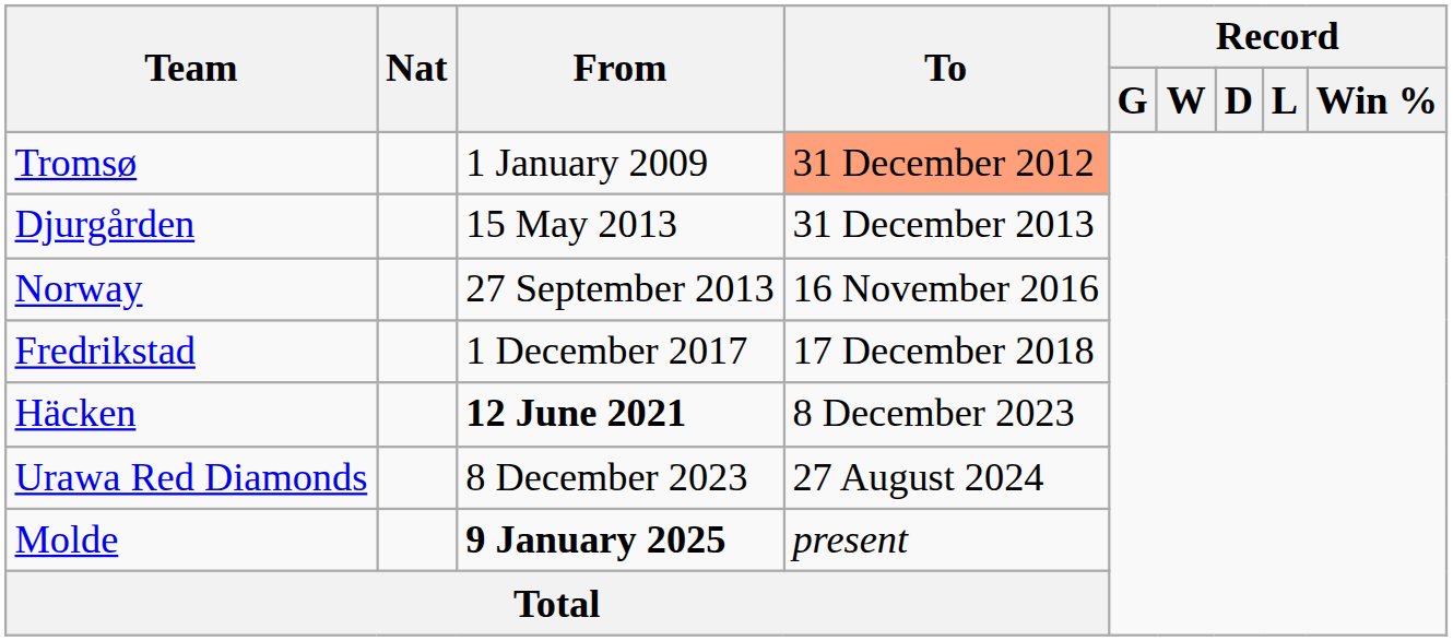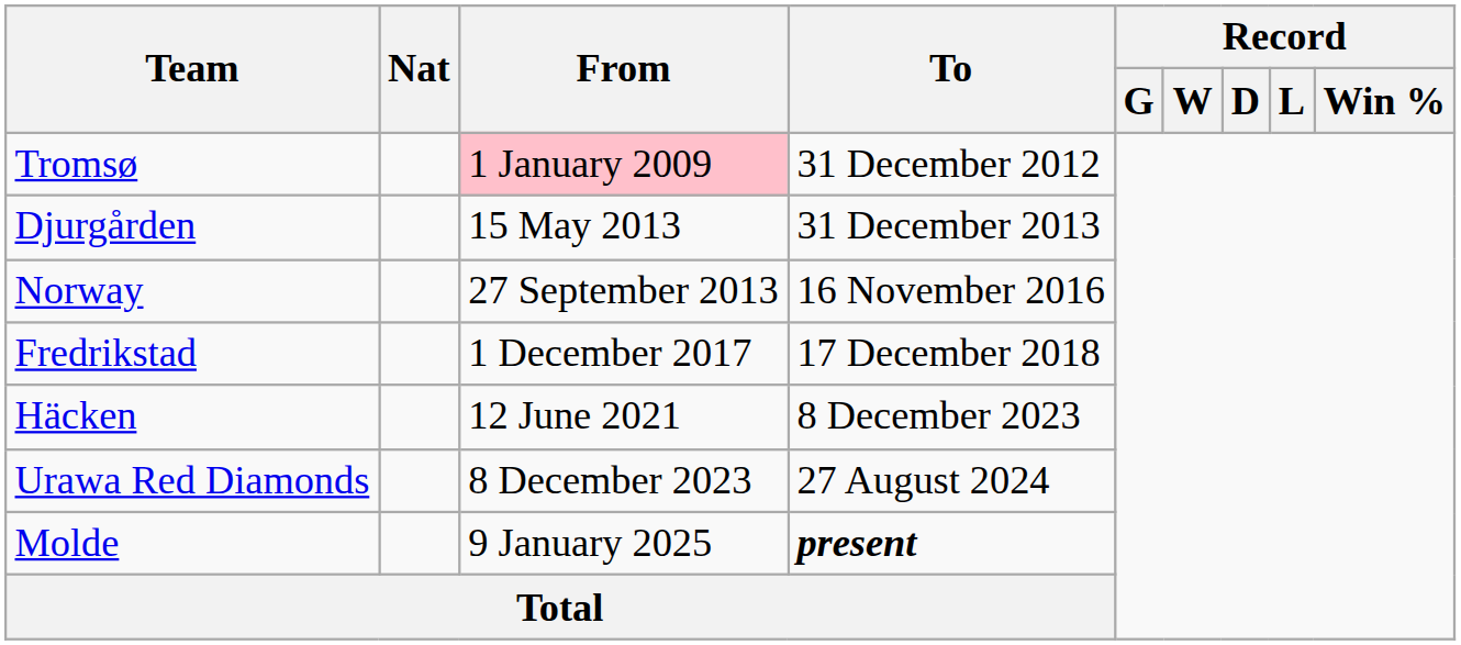 <table class="wikitable" style="text-align: center">
 <tr>
 <th rowspan="2">Team</th>
 <th rowspan="2">Nat</th>
 <th rowspan="2">From</th>
 <th rowspan="2">To</th>
 <th colspan="5">Record</th>
 </tr>
 <tr>
 <th>G</th>
 <th>W</th>
 <th>D</th>
 <th>L</th>
 <th>Win %</th>
 </tr>
 <tr>
 <td align=left><a href='#'>Tromsø</a></td>
 <td></td>
-<td align=left>1 January 2009</td>
-<td align=left style="background: lightsalmon;">31 December 2012<br></td>
+<td align=left style="background: pink;">1 January 2009</td>
+<td align=left>31 December 2012<br></td>
 </tr>
 <tr>
 <td align=left><a href='#'>Djurgården</a></td>
 <td></td>
 <td align=left>15 May 2013</td>
 <td align=left>31 December 2013<br></td>
 </tr>
 <tr>
 <td align=left><a href='#'>Norway</a></td>
 <td></td>
 <td align=left>27 September 2013</td>
 <td align=left>16 November 2016<br></td>
 </tr>
 <tr>
 <td align=left><a href='#'>Fredrikstad</a></td>
 <td></td>
 <td align=left>1 December 2017</td>
 <td align=left>17 December 2018<br></td>
 </tr>
 <tr>
 <td align=left><a href='#'>Häcken</a></td>
 <td></td>
-<td align=left><strong>12 June 2021</strong></td>
+<td align=left>12 June 2021</td>
 <td align=left>8 December 2023<br></td>
 </tr>
 <tr>
 <td align=left><a href='#'>Urawa Red Diamonds</a></td>
 <td></td>
 <td align=left>8 December 2023</td>
 <td align=left>27 August 2024<br></td>
 </tr>
 <tr>
 <td align=left><a href='#'>Molde</a></td>
 <td></td>
-<td align=left><strong>9 January 2025</strong></td>
-<td align=left><em>present</em><br></td>
+<td align=left>9 January 2025</td>
+<td align=left><strong><em>present</em><br></strong></td>
 </tr>
 <tr>
 <th colspan="4">Total<br></th>
 </tr>
 </table>
